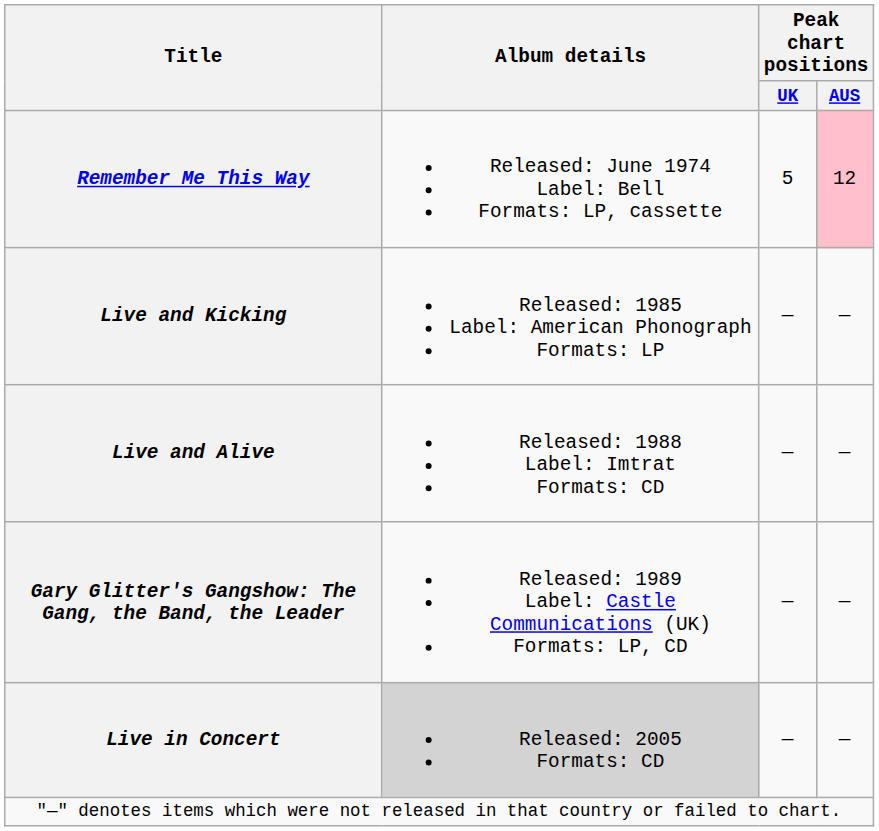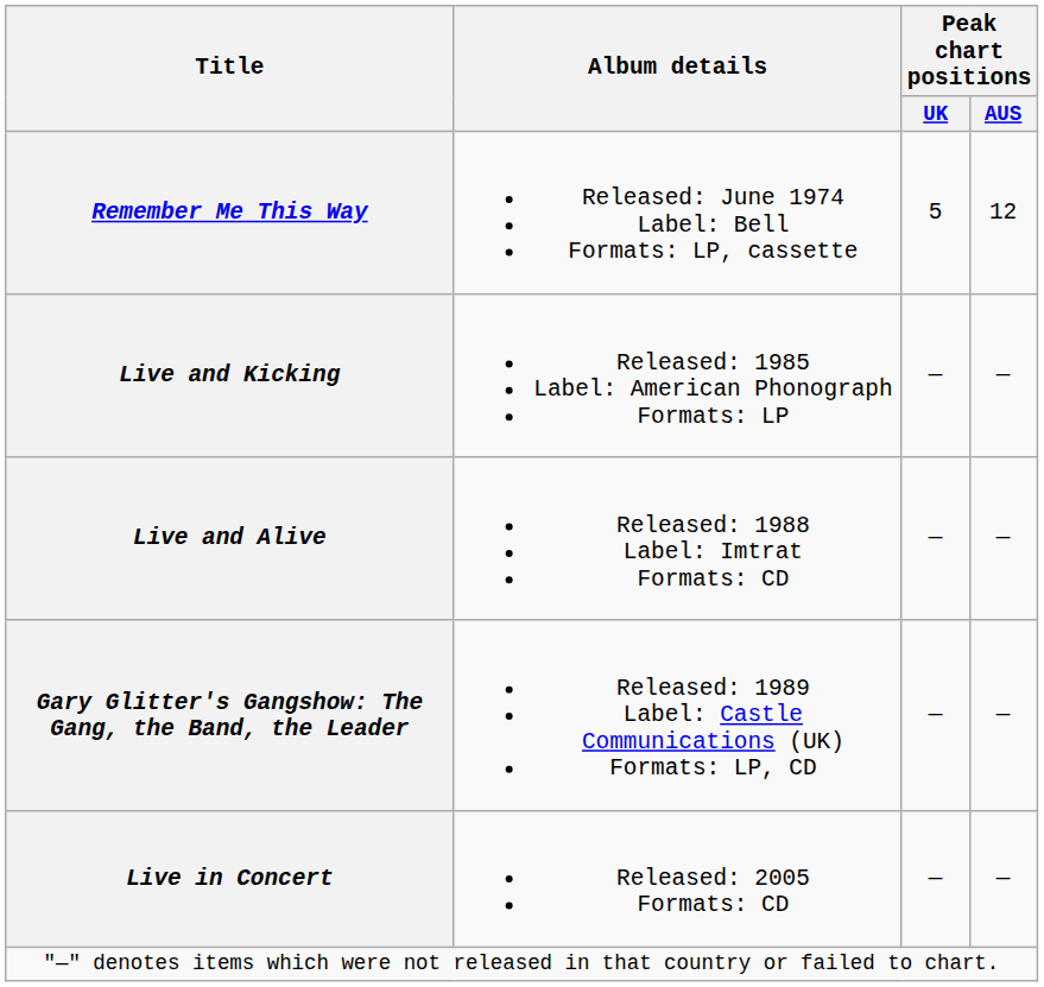 <table class="wikitable plainrowheaders" style="text-align:center;">
 <tr>
 <th scope="col" rowspan="2" style="width:19em;">Title</th>
 <th scope="col" rowspan="2" style="width:19em;">Album details</th>
 <th scope="col" colspan="2">Peak chart positions</th>
 </tr>
 <tr>
 <th scope="col" style="width:2.6em;font-size:90%;"><a href='#'>UK</a><br></th>
 <th scope="col" style="width:2.6em;font-size:90%;"><a href='#'>AUS</a><br></th>
 </tr>
 <tr>
 <th scope="row"><em><a href='#'>Remember Me This Way</a></em></th>
 <td><br><ul><li>Released: June 1974</li><li>Label: Bell</li><li>Formats: LP, cassette</li></ul></td>
 <td>5</td>
-<td style="background: pink;">12</td>
+<td>12</td>
 </tr>
 <tr>
 <th scope="row"><em>Live and Kicking</em></th>
 <td><br><ul><li>Released: 1985</li><li>Label: American Phonograph</li><li>Formats: LP</li></ul></td>
 <td>—</td>
 <td>—</td>
 </tr>
 <tr>
 <th scope="row"><em>Live and Alive</em></th>
 <td><br><ul><li>Released: 1988</li><li>Label: Imtrat</li><li>Formats: CD</li></ul></td>
 <td>—</td>
 <td>—</td>
 </tr>
 <tr>
 <th scope="row"><em>Gary Glitter's Gangshow: The Gang, the Band, the Leader</em></th>
 <td><br><ul><li>Released: 1989</li><li>Label: <a href='#'>Castle Communications</a> <span>(UK)</span></li><li>Formats: LP, CD</li></ul></td>
 <td>—</td>
 <td>—</td>
 </tr>
 <tr>
 <th scope="row"><em>Live in Concert</em></th>
-<td style="background: lightgrey;"><br><ul><li>Released: 2005</li><li>Formats: CD</li></ul></td>
+<td><br><ul><li>Released: 2005</li><li>Formats: CD</li></ul></td>
 <td>—</td>
 <td>—</td>
 </tr>
 <tr>
 <td colspan="10" style="font-size:90%">"—" denotes items which were not released in that country or failed to chart.</td>
 </tr>
 </table>
